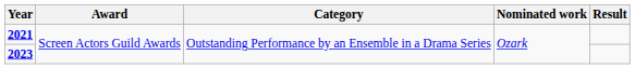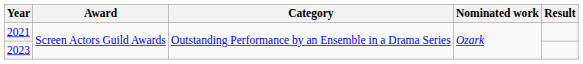 <table class="wikitable sortable">
 <tr>
 <th>Year</th>
 <th>Award</th>
 <th>Category</th>
 <th>Nominated work</th>
 <th>Result</th>
 </tr>
 <tr>
-<td><strong><a href='#'>2021</a></strong></td>
+<td><a href='#'>2021</a></td>
 <td rowspan="2"><a href='#'>Screen Actors Guild Awards</a></td>
 <td rowspan="2"><a href='#'>Outstanding Performance by an Ensemble in a Drama Series</a> </td>
 <td rowspan="2"><em><a href='#'>Ozark</a></em></td>
 <td></td>
 </tr>
 <tr>
-<td><strong><a href='#'>2023</a></strong></td>
+<td><a href='#'>2023</a></td>
 <td></td>
 </tr>
 </table>
